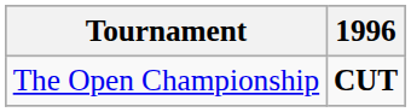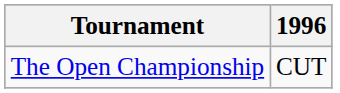 <table class="wikitable" style="font-size:95%;text-align:center;">
 <tr>
 <th>Tournament</th>
 <th>1996</th>
 </tr>
 <tr>
 <td align=left><a href='#'>The Open Championship</a></td>
-<td><strong>CUT</strong></td>
+<td>CUT</td>
 </tr>
 </table>
